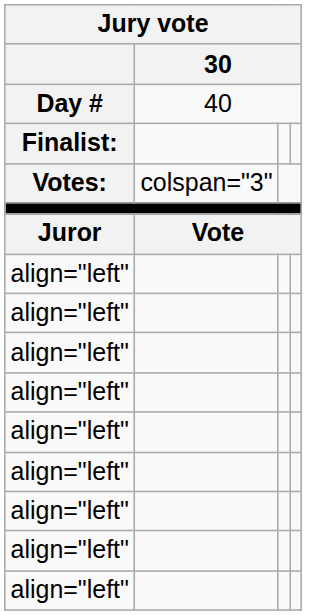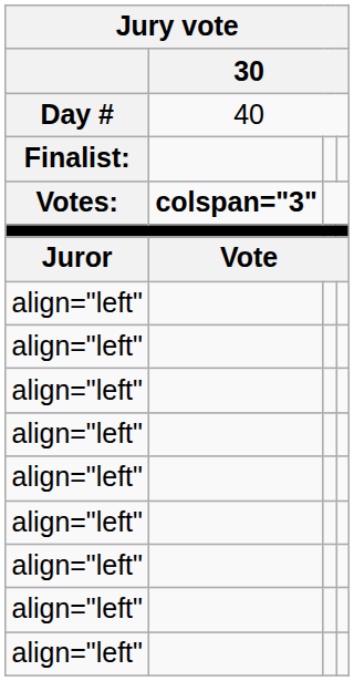 <table class="wikitable" style="text-align:center">
 <tr>
 <th colspan=4>Jury vote</th>
 </tr>
 <tr>
 <th></th>
 <th colspan="3">30</th>
 </tr>
 <tr>
 <th>Day #</th>
 <td colspan="3">40</td>
 </tr>
 <tr>
 <th align="left">Finalist:</th>
 <td></td>
 <td></td>
 <td></td>
 </tr>
 <tr>
 <th>Votes:</th>
-<td>colspan="3" </td>
+<td><strong>colspan="3" </strong></td>
 </tr>
 <tr>
 <th colspan="5" style="background:black;"></th>
 </tr>
 <tr>
 <th>Juror</th>
 <th colspan=3>Vote</th>
 </tr>
 <tr>
 <td>align="left" </td>
 <td></td>
 <td></td>
 <td></td>
 </tr>
 <tr>
 <td>align="left" </td>
 <td></td>
 <td></td>
 <td></td>
 </tr>
 <tr>
 <td>align="left" </td>
 <td></td>
 <td></td>
 <td></td>
 </tr>
 <tr>
 <td>align="left" </td>
 <td></td>
 <td></td>
 <td></td>
 </tr>
 <tr>
 <td>align="left" </td>
 <td></td>
 <td></td>
 <td></td>
 </tr>
 <tr>
 <td>align="left" </td>
 <td></td>
 <td></td>
 <td></td>
 </tr>
 <tr>
 <td>align="left" </td>
 <td></td>
 <td></td>
 <td></td>
 </tr>
 <tr>
 <td>align="left" </td>
 <td></td>
 <td></td>
 <td></td>
 </tr>
 <tr>
 <td>align="left" </td>
 <td></td>
 <td></td>
 <td></td>
 </tr>
 </table>
